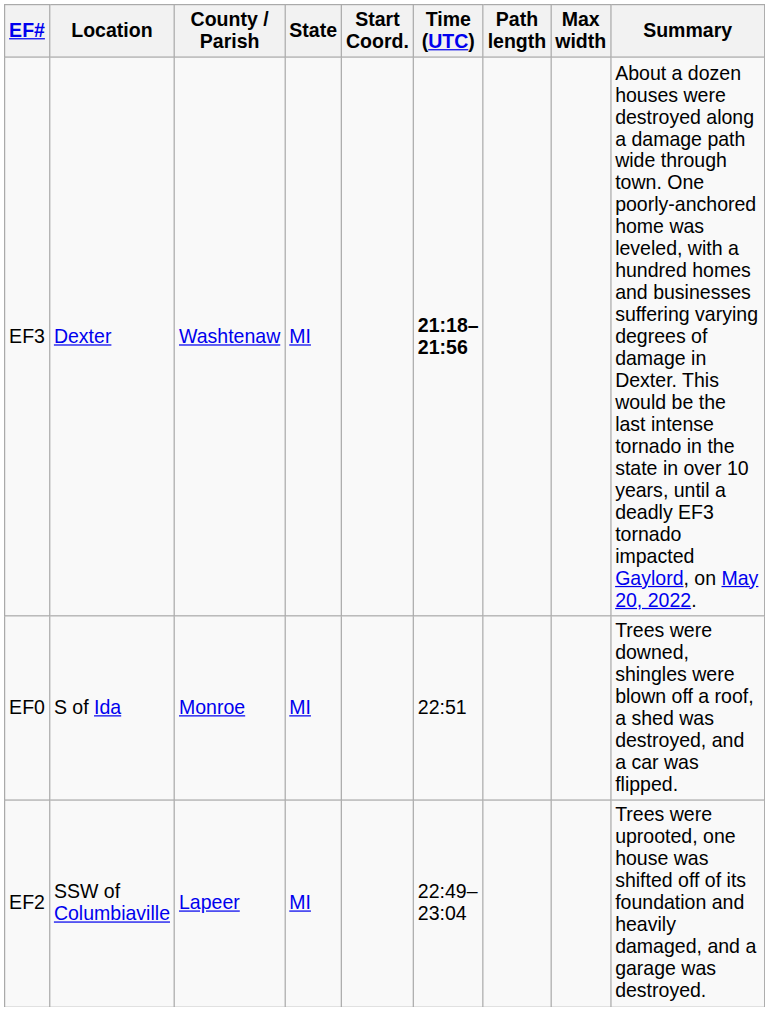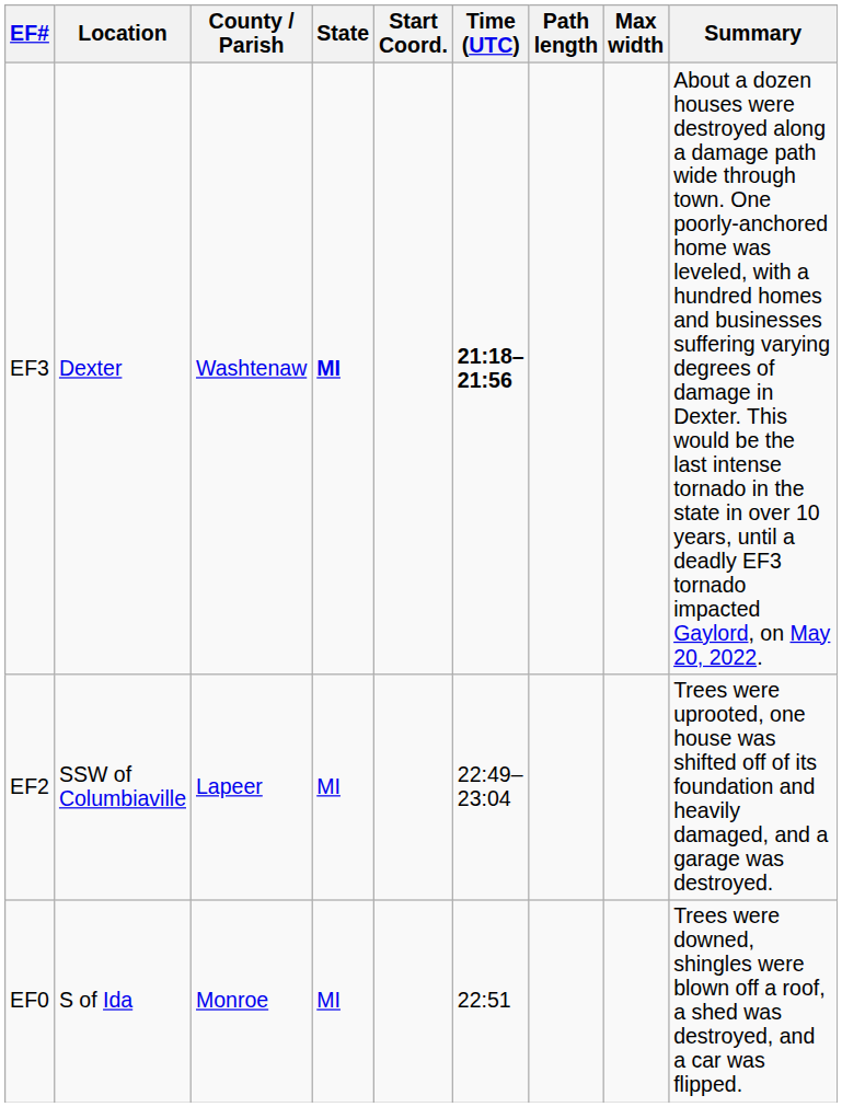 <table class="wikitable sortable" style="width:100%;">
 <tr>
 <th scope="col"  style="width:3%; text-align:center;"><a href='#'>EF#</a></th>
 <th scope="col"  style="width:7%; text-align:center;" class="unsortable">Location</th>
 <th scope="col"  style="width:6%; text-align:center;" class="unsortable">County / Parish</th>
 <th scope="col"  style="width:5%; text-align:center;">State</th>
 <th scope="col"  style="width:6%; text-align:center;">Start Coord.</th>
 <th scope="col"  style="width:6%; text-align:center;">Time (<a href='#'>UTC</a>)</th>
 <th scope="col"  style="width:6%; text-align:center;">Path length</th>
 <th scope="col"  style="width:6%; text-align:center;">Max width</th>
 <th scope="col" class="unsortable" style="width:48%; text-align:center;">Summary</th>
 </tr>
 <tr>
 <td>EF3</td>
 <td><a href='#'>Dexter</a></td>
 <td><a href='#'>Washtenaw</a></td>
-<td><a href='#'>MI</a></td>
+<td><strong><a href='#'>MI</a></strong></td>
 <td></td>
 <td><strong>21:18–21:56</strong></td>
 <td></td>
 <td></td>
 <td>About a dozen houses were destroyed along a damage path  wide through town. One poorly-anchored home was leveled, with a hundred homes and businesses suffering varying degrees of damage in Dexter. This would be the last intense tornado in the state in over 10 years, until a deadly EF3 tornado impacted <a href='#'>Gaylord</a>, on <a href='#'>May 20, 2022</a>.</td>
+</tr>
+<tr>
+<td>EF2</td>
+<td>SSW of <a href='#'>Columbiaville</a></td>
+<td><a href='#'>Lapeer</a></td>
+<td><a href='#'>MI</a></td>
+<td></td>
+<td>22:49–23:04</td>
+<td></td>
+<td></td>
+<td>Trees were uprooted, one house was shifted off of its foundation and heavily damaged, and a garage was destroyed.</td>
 </tr>
 <tr>
 <td>EF0</td>
 <td>S of <a href='#'>Ida</a></td>
 <td><a href='#'>Monroe</a></td>
 <td><a href='#'>MI</a></td>
 <td></td>
 <td>22:51</td>
 <td></td>
 <td></td>
 <td>Trees were downed, shingles were blown off a roof, a shed was destroyed, and a car was flipped.</td>
 </tr>
 <tr>
-<td>EF2</td>
-<td>SSW of <a href='#'>Columbiaville</a></td>
-<td><a href='#'>Lapeer</a></td>
-<td><a href='#'>MI</a></td>
-<td></td>
-<td>22:49–23:04</td>
-<td></td>
-<td></td>
-<td>Trees were uprooted, one house was shifted off of its foundation and heavily damaged, and a garage was destroyed.</td>
-</tr>
-<tr>
 </tr>
 </table>
